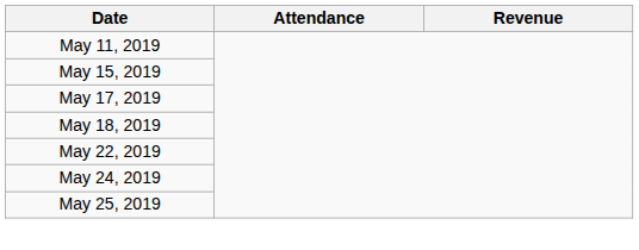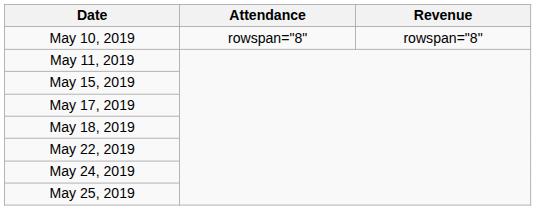 <table class="wikitable plainrowheaders" style="text-align:center;">
 <tr>
 <th scope="col" style="width:12em;">Date</th>
 <th scope="col" style="width:12em;">Attendance</th>
 <th scope="col" style="width:12em;">Revenue</th>
+</tr>
+<tr>
+<td>May 10, 2019</td>
+<td>rowspan="8" </td>
+<td>rowspan="8" </td>
 </tr>
 <tr>
 <td>May 11, 2019</td>
 </tr>
 <tr>
 <td>May 15, 2019</td>
 </tr>
 <tr>
 <td>May 17, 2019</td>
 </tr>
 <tr>
 <td>May 18, 2019</td>
 </tr>
 <tr>
 <td>May 22, 2019</td>
 </tr>
 <tr>
 <td>May 24, 2019</td>
 </tr>
 <tr>
 <td>May 25, 2019</td>
 </tr>
 </table>
